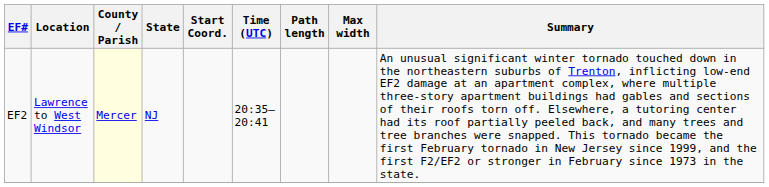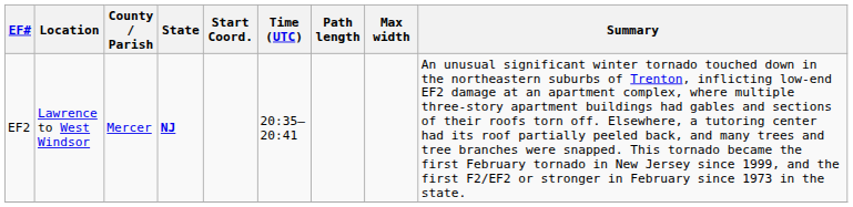 <table class="wikitable sortable" style="width:100%;">
 <tr>
 <th scope="col"  style="width:3%; text-align:center;"><a href='#'>EF#</a></th>
 <th scope="col"  style="width:7%; text-align:center;" class="unsortable">Location</th>
 <th scope="col"  style="width:6%; text-align:center;" class="unsortable">County / Parish</th>
 <th scope="col"  style="width:5%; text-align:center;">State</th>
 <th scope="col"  style="width:6%; text-align:center;">Start Coord.</th>
 <th scope="col"  style="width:6%; text-align:center;">Time (<a href='#'>UTC</a>)</th>
 <th scope="col"  style="width:6%; text-align:center;">Path length</th>
 <th scope="col"  style="width:6%; text-align:center;">Max width</th>
 <th scope="col" class="unsortable" style="width:48%; text-align:center;">Summary</th>
 </tr>
 <tr>
 <td>EF2</td>
 <td><a href='#'>Lawrence</a> to <a href='#'>West Windsor</a></td>
-<td style="background: lightyellow;"><a href='#'>Mercer</a></td>
-<td><a href='#'>NJ</a></td>
+<td><a href='#'>Mercer</a></td>
+<td><strong><a href='#'>NJ</a></strong></td>
 <td></td>
 <td>20:35–20:41</td>
 <td></td>
 <td></td>
 <td>An unusual significant winter tornado touched down in the northeastern suburbs of <a href='#'>Trenton</a>, inflicting low-end EF2 damage at an apartment complex, where multiple three-story apartment buildings had gables and sections of their roofs torn off. Elsewhere, a tutoring center had its roof partially peeled back, and many trees and tree branches were snapped. This tornado became the first February tornado in New Jersey since 1999, and the first F2/EF2 or stronger in February since 1973 in the state.</td>
 </tr>
 <tr>
 </tr>
 </table>
